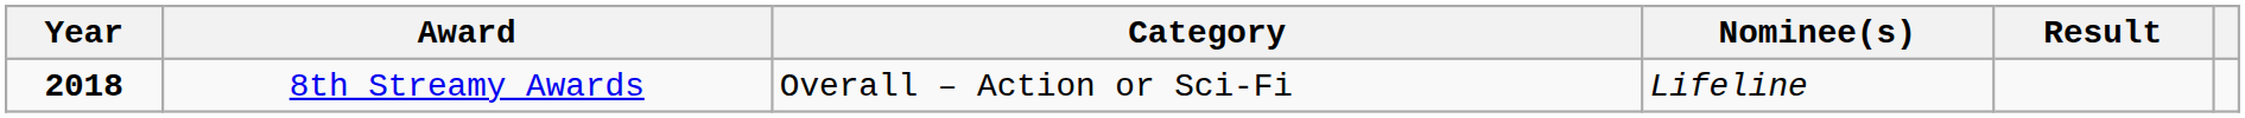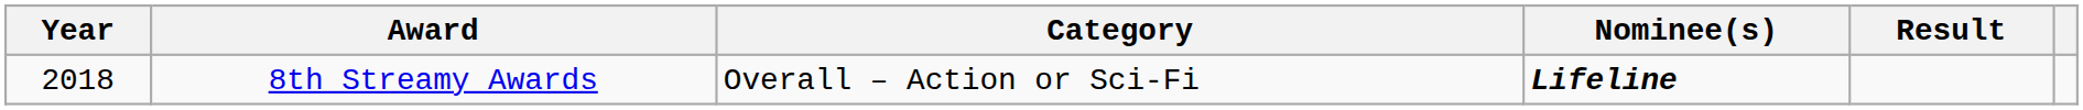 <table class="wikitable sortable" style="width:100%">
 <tr>
 <th scope="col">Year</th>
 <th scope="col">Award</th>
 <th scope="col">Category</th>
 <th scope="col">Nominee(s)</th>
 <th scope="col">Result</th>
 <th scope="col" class="unsortable"></th>
 </tr>
 <tr>
-<td align="center"><strong>2018</strong></td>
+<td align="center">2018</td>
 <td align="center"><a href='#'>8th Streamy Awards</a></td>
 <td>Overall – Action or Sci-Fi</td>
-<td><em>Lifeline</em></td>
+<td><strong><em>Lifeline</em></strong></td>
 <td></td>
 <td align="center"></td>
 </tr>
 </table>
